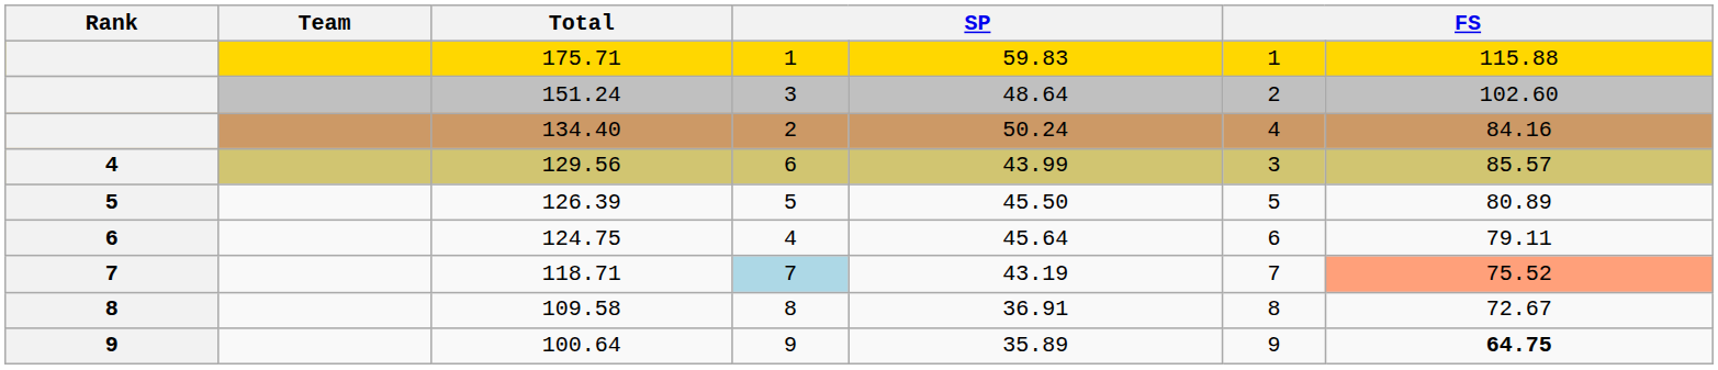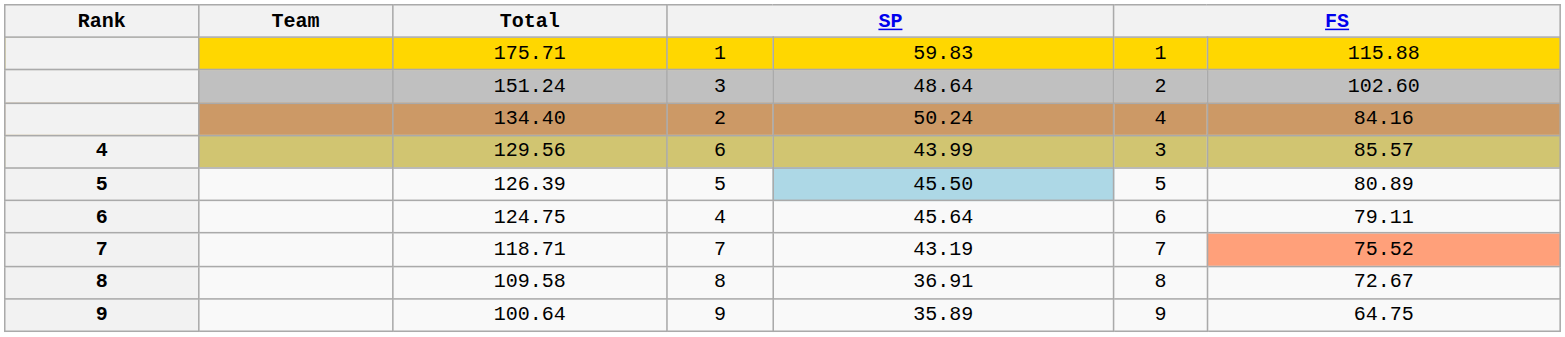 <table class="wikitable sortable" style="text-align:left; width:80%">
 <tr>
 <th scope="col">Rank</th>
 <th scope="col">Team</th>
 <th scope="col">Total</th>
 <th scope="col" colspan="2" width="80px"><a href='#'>SP</a></th>
 <th scope="col" colspan="2" width="80px"><a href='#'>FS</a></th>
 </tr>
 <tr bgcolor="gold">
 <th scope="row"></th>
 <td></td>
 <td align="center">175.71</td>
 <td align="center">1</td>
 <td align="center">59.83</td>
 <td align="center">1</td>
 <td align="center">115.88</td>
 </tr>
 <tr bgcolor="silver">
 <th scope="row"></th>
 <td></td>
 <td align="center">151.24</td>
 <td align="center">3</td>
 <td align="center">48.64</td>
 <td align="center">2</td>
 <td align="center">102.60</td>
 </tr>
 <tr bgcolor="cc9966">
 <th scope="row"></th>
 <td></td>
 <td align="center">134.40</td>
 <td align="center">2</td>
 <td align="center">50.24</td>
 <td align="center">4</td>
 <td align="center">84.16</td>
 </tr>
 <tr bgcolor="#d1c571">
 <th scope="row">4</th>
 <td></td>
 <td align="center">129.56</td>
 <td align="center">6</td>
 <td align="center">43.99</td>
 <td align="center">3</td>
 <td align="center">85.57</td>
 </tr>
 <tr>
 <th scope="row">5</th>
 <td></td>
 <td align="center">126.39</td>
 <td align="center">5</td>
-<td align="center">45.50</td>
+<td align="center" style="background: lightblue;">45.50</td>
 <td align="center">5</td>
 <td align="center">80.89</td>
 </tr>
 <tr>
 <th scope="row">6</th>
 <td></td>
 <td align="center">124.75</td>
 <td align="center">4</td>
 <td align="center">45.64</td>
 <td align="center">6</td>
 <td align="center">79.11</td>
 </tr>
 <tr>
 <th scope="row">7</th>
 <td></td>
 <td align="center">118.71</td>
-<td align="center" style="background: lightblue;">7</td>
+<td align="center">7</td>
 <td align="center">43.19</td>
 <td align="center">7</td>
 <td align="center" style="background: lightsalmon;">75.52</td>
 </tr>
 <tr>
 <th scope="row">8</th>
 <td></td>
 <td align="center">109.58</td>
 <td align="center">8</td>
 <td align="center">36.91</td>
 <td align="center">8</td>
 <td align="center">72.67</td>
 </tr>
 <tr>
 <th scope="row">9</th>
 <td></td>
 <td align="center">100.64</td>
 <td align="center">9</td>
 <td align="center">35.89</td>
 <td align="center">9</td>
-<td align="center"><strong>64.75</strong></td>
+<td align="center">64.75</td>
 </tr>
 </table>
